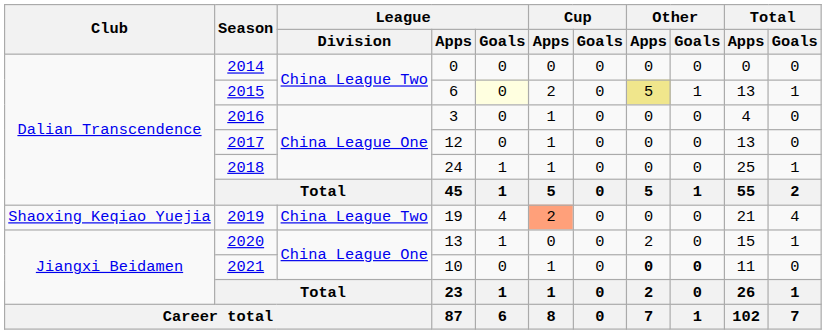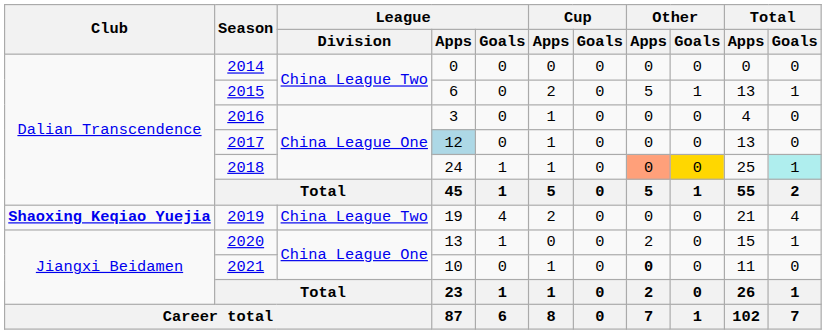 <table class="wikitable" style="text-align: center">
 <tr>
 <th rowspan="2">Club</th>
 <th rowspan="2">Season</th>
 <th colspan="3">League</th>
 <th colspan="2">Cup</th>
 <th colspan="2">Other</th>
 <th colspan="2">Total</th>
 </tr>
 <tr>
 <th>Division</th>
 <th>Apps</th>
 <th>Goals</th>
 <th>Apps</th>
 <th>Goals</th>
 <th>Apps</th>
 <th>Goals</th>
 <th>Apps</th>
 <th>Goals</th>
 </tr>
 <tr>
 <td rowspan="6"><a href='#'>Dalian Transcendence</a></td>
 <td><a href='#'>2014</a></td>
 <td rowspan="2"><a href='#'>China League Two</a></td>
 <td>0</td>
 <td>0</td>
 <td>0</td>
 <td>0</td>
 <td>0</td>
 <td>0</td>
 <td>0</td>
 <td>0</td>
 </tr>
 <tr>
 <td><a href='#'>2015</a></td>
 <td>6</td>
-<td style="background: lightyellow;">0</td>
+<td>0</td>
 <td>2</td>
 <td>0</td>
-<td style="background: khaki;">5</td>
+<td>5</td>
 <td>1</td>
 <td>13</td>
 <td>1</td>
 </tr>
 <tr>
 <td><a href='#'>2016</a></td>
 <td rowspan="3"><a href='#'>China League One</a></td>
 <td>3</td>
 <td>0</td>
 <td>1</td>
 <td>0</td>
 <td>0</td>
 <td>0</td>
 <td>4</td>
 <td>0</td>
 </tr>
 <tr>
 <td><a href='#'>2017</a></td>
-<td>12</td>
+<td style="background: lightblue;">12</td>
 <td>0</td>
 <td>1</td>
 <td>0</td>
 <td>0</td>
 <td>0</td>
 <td>13</td>
 <td>0</td>
 </tr>
 <tr>
 <td><a href='#'>2018</a></td>
 <td>24</td>
 <td>1</td>
 <td>1</td>
 <td>0</td>
-<td>0</td>
-<td>0</td>
+<td style="background: lightsalmon;">0</td>
+<td style="background: gold;">0</td>
 <td>25</td>
-<td>1</td>
+<td style="background: paleturquoise;">1</td>
 </tr>
 <tr>
 <th colspan=2>Total</th>
 <th>45</th>
 <th>1</th>
 <th>5</th>
 <th>0</th>
 <th>5</th>
 <th>1</th>
 <th>55</th>
 <th>2</th>
 </tr>
 <tr>
-<td><a href='#'>Shaoxing Keqiao Yuejia</a></td>
+<td><strong><a href='#'>Shaoxing Keqiao Yuejia</a></strong></td>
 <td><a href='#'>2019</a></td>
 <td><a href='#'>China League Two</a></td>
 <td>19</td>
 <td>4</td>
-<td style="background: lightsalmon;">2</td>
+<td>2</td>
 <td>0</td>
 <td>0</td>
 <td>0</td>
 <td>21</td>
 <td>4</td>
 </tr>
 <tr>
 <td rowspan="3"><a href='#'>Jiangxi Beidamen</a></td>
 <td><a href='#'>2020</a></td>
 <td rowspan="2"><a href='#'>China League One</a></td>
 <td>13</td>
 <td>1</td>
 <td>0</td>
 <td>0</td>
 <td>2</td>
 <td>0</td>
 <td>15</td>
 <td>1</td>
 </tr>
 <tr>
 <td><a href='#'>2021</a></td>
 <td>10</td>
 <td>0</td>
 <td>1</td>
 <td>0</td>
 <td><strong>0</strong></td>
-<td><strong>0</strong></td>
+<td>0</td>
 <td>11</td>
 <td>0</td>
 </tr>
 <tr>
 <th colspan=2>Total</th>
 <th>23</th>
 <th>1</th>
 <th>1</th>
 <th>0</th>
 <th>2</th>
 <th>0</th>
 <th>26</th>
 <th>1</th>
 </tr>
 <tr>
 <th colspan=3>Career total</th>
 <th>87</th>
 <th>6</th>
 <th>8</th>
 <th>0</th>
 <th>7</th>
 <th>1</th>
 <th>102</th>
 <th>7</th>
 </tr>
 </table>
